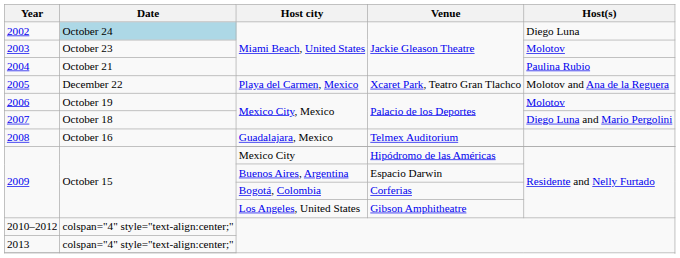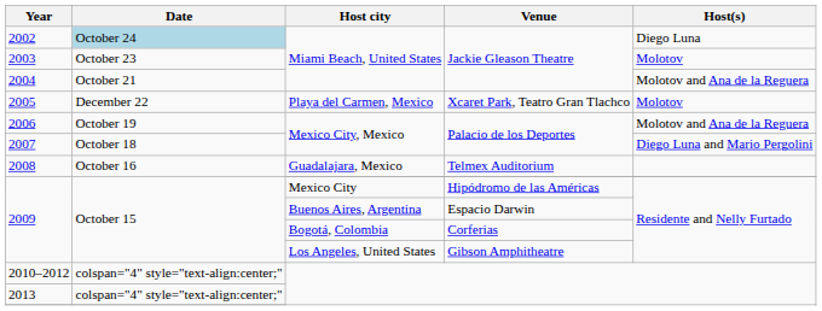 <table class="wikitable">
 <tr>
 <th>Year</th>
 <th>Date</th>
 <th>Host city</th>
 <th>Venue</th>
 <th>Host(s)</th>
 </tr>
 <tr>
 <td><a href='#'>2002</a></td>
 <td style="background: lightblue;">October 24</td>
 <td rowspan="3"><a href='#'>Miami Beach</a>, <a href='#'>United States</a></td>
 <td rowspan="3"><a href='#'>Jackie Gleason Theatre</a></td>
 <td>Diego Luna</td>
 </tr>
 <tr>
 <td><a href='#'>2003</a></td>
 <td>October 23</td>
 <td><a href='#'>Molotov</a></td>
 </tr>
 <tr>
 <td><a href='#'>2004</a></td>
 <td>October 21</td>
-<td><a href='#'>Paulina Rubio</a></td>
+<td>Molotov and <a href='#'>Ana de la Reguera</a></td>
 </tr>
 <tr>
 <td><a href='#'>2005</a></td>
 <td>December 22</td>
 <td><a href='#'>Playa del Carmen</a>, <a href='#'>Mexico</a></td>
 <td><a href='#'>Xcaret Park</a>, Teatro Gran Tlachco</td>
-<td>Molotov and <a href='#'>Ana de la Reguera</a></td>
+<td><a href='#'>Molotov</a></td>
 </tr>
 <tr>
 <td><a href='#'>2006</a></td>
 <td>October 19</td>
 <td rowspan="2"><a href='#'>Mexico City</a>, Mexico</td>
 <td rowspan="2"><a href='#'>Palacio de los Deportes</a></td>
-<td><a href='#'>Molotov</a></td>
+<td>Molotov and <a href='#'>Ana de la Reguera</a></td>
 </tr>
 <tr>
 <td><a href='#'>2007</a></td>
 <td>October 18</td>
 <td><a href='#'>Diego Luna</a> and <a href='#'>Mario Pergolini</a></td>
 </tr>
 <tr>
 <td><a href='#'>2008</a></td>
 <td>October 16</td>
 <td><a href='#'>Guadalajara</a>, Mexico</td>
 <td><a href='#'>Telmex Auditorium</a></td>
 <td></td>
 </tr>
 <tr>
 <td rowspan="5"><a href='#'>2009</a></td>
 <td rowspan="5">October 15</td>
 </tr>
 <tr>
 <td>Mexico City</td>
 <td><a href='#'>Hipódromo de las Américas</a></td>
 <td rowspan="4"><a href='#'>Residente</a> and <a href='#'>Nelly Furtado</a></td>
 </tr>
 <tr>
 <td><a href='#'>Buenos Aires</a>, <a href='#'>Argentina</a></td>
 <td>Espacio Darwin</td>
 </tr>
 <tr>
 <td><a href='#'>Bogotá</a>, <a href='#'>Colombia</a></td>
 <td><a href='#'>Corferias</a></td>
 </tr>
 <tr>
 <td><a href='#'>Los Angeles</a>, United States</td>
 <td><a href='#'>Gibson Amphitheatre</a></td>
 </tr>
 <tr>
 <td>2010–2012</td>
 <td>colspan="4" style="text-align:center;" </td>
 </tr>
 <tr>
 <td>2013</td>
 <td>colspan="4" style="text-align:center;" </td>
 </tr>
 <tr>
 </tr>
 </table>
